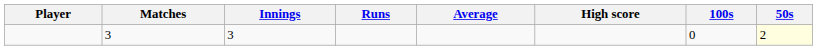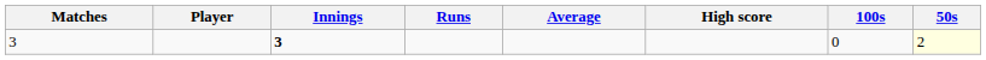 <table class="wikitable sortable" style="width:80%;">
 <tr>
+<th>Matches</th>
 <th>Player</th>
-<th>Matches</th>
 <th><a href='#'>Innings</a></th>
 <th><a href='#'>Runs</a></th>
 <th><a href='#'>Average</a></th>
 <th>High score</th>
 <th><a href='#'>100s</a></th>
 <th><a href='#'>50s</a></th>
 </tr>
 <tr>
+<td>3</td>
 <td></td>
-<td>3</td>
-<td>3</td>
+<td><strong>3</strong></td>
 <td></td>
 <td></td>
 <td></td>
 <td>0</td>
 <td style="background: lightyellow;">2</td>
 </tr>
 </table>
